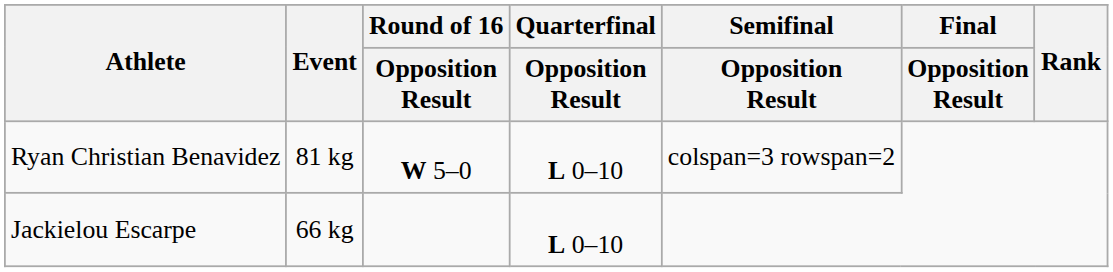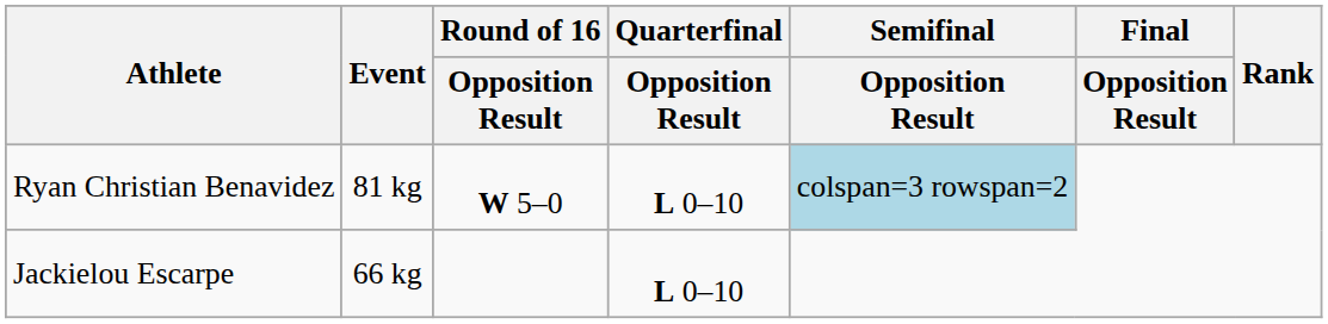 <table class=wikitable style="text-align:center; font-size:90%">
 <tr>
 <th rowspan=2>Athlete</th>
 <th rowspan=2>Event</th>
 <th>Round of 16</th>
 <th>Quarterfinal</th>
 <th>Semifinal</th>
 <th>Final</th>
 <th rowspan=2>Rank</th>
 </tr>
 <tr>
 <th>Opposition<br>Result</th>
 <th>Opposition<br>Result</th>
 <th>Opposition<br>Result</th>
 <th>Opposition<br>Result</th>
 </tr>
 <tr>
 <td align=left>Ryan Christian Benavidez</td>
 <td>81 kg</td>
 <td><br><strong>W</strong> 5–0</td>
 <td><br><strong>L</strong> 0–10</td>
-<td>colspan=3 rowspan=2 </td>
+<td style="background: lightblue;">colspan=3 rowspan=2 </td>
 </tr>
 <tr>
 <td align=left>Jackielou Escarpe</td>
 <td>66 kg</td>
 <td></td>
 <td><br><strong>L</strong> 0–10</td>
 </tr>
 </table>
